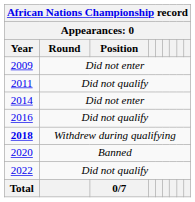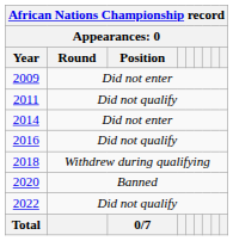 <table class="wikitable" style="text-align: center;">
 <tr>
 <th colspan=9><a href='#'>African Nations Championship</a> record</th>
 </tr>
 <tr>
 <th colspan=9>Appearances: 0</th>
 </tr>
 <tr>
 <th>Year</th>
 <th>Round</th>
 <th>Position</th>
 <th></th>
 <th></th>
 <th></th>
 <th></th>
 <th></th>
 <th></th>
 </tr>
 <tr>
 <td> <a href='#'>2009</a></td>
 <td colspan=8><em>Did not enter</em></td>
 </tr>
 <tr>
 <td> <a href='#'>2011</a></td>
 <td colspan=8><em>Did not qualify</em></td>
 </tr>
 <tr>
 <td> <a href='#'>2014</a></td>
 <td colspan=8><em>Did not enter</em></td>
 </tr>
 <tr>
 <td> <a href='#'>2016</a></td>
 <td colspan=8><em>Did not qualify</em></td>
 </tr>
 <tr>
-<td><strong> <a href='#'>2018</a></strong></td>
+<td> <a href='#'>2018</a></td>
 <td colspan=8><em>Withdrew during qualifying</em></td>
 </tr>
 <tr>
 <td> <a href='#'>2020</a></td>
 <td colspan=8><em>Banned</em></td>
 </tr>
 <tr>
 <td> <a href='#'>2022</a></td>
 <td colspan=8><em>Did not qualify</em></td>
 </tr>
 <tr>
 <th>Total</th>
 <th></th>
 <th>0/7</th>
 <th></th>
 <th></th>
 <th></th>
 <th></th>
 <th></th>
 <th></th>
 </tr>
 </table>
